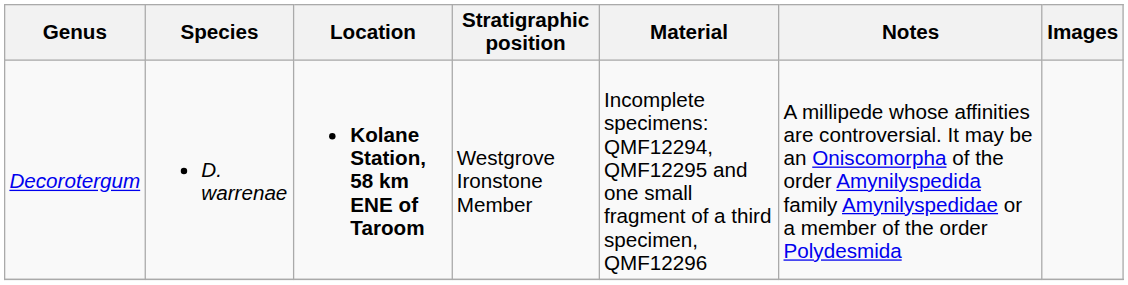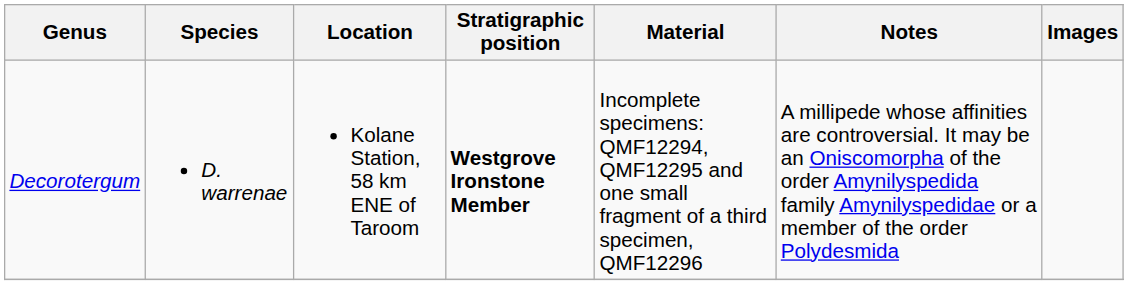 <table class = "wikitable">
 <tr>
 <th>Genus</th>
 <th>Species</th>
 <th>Location</th>
 <th>Stratigraphic position</th>
 <th>Material</th>
 <th>Notes</th>
 <th>Images</th>
 </tr>
 <tr>
 <td><br><em><a href='#'>Decorotergum</a></em></td>
 <td><br><ul><li><em>D. warrenae</em></li></ul></td>
-<td><strong><br><ul><li>Kolane Station, 58 km ENE of Taroom</li></ul></strong></td>
-<td><br>Westgrove Ironstone Member</td>
+<td><br><ul><li>Kolane Station, 58 km ENE of Taroom</li></ul></td>
+<td><strong><br>Westgrove Ironstone Member</strong></td>
 <td><br>Incomplete specimens: QMF12294, QMF12295 and one small fragment of a third specimen, QMF12296</td>
 <td><br>A millipede whose affinities are controversial. It may be an <a href='#'>Oniscomorpha</a> of the order <a href='#'>Amynilyspedida</a> family <a href='#'>Amynilyspedidae</a> or a member of the order <a href='#'>Polydesmida</a></td>
 <td><br></td>
 </tr>
 <tr>
 </tr>
 </table>
